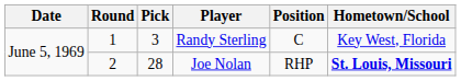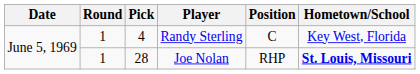 <table class="wikitable sortable">
 <tr>
 <th>Date</th>
 <th>Round</th>
 <th>Pick</th>
 <th>Player</th>
 <th>Position</th>
 <th>Hometown/School</th>
 </tr>
 <tr align="center">
 <td rowspan=2>June 5, 1969</td>
 <td>1</td>
-<td>3</td>
+<td>4</td>
 <td><a href='#'>Randy Sterling</a></td>
 <td>C</td>
 <td><a href='#'>Key West, Florida</a></td>
 </tr>
 <tr align="center">
-<td>2</td>
+<td>1</td>
 <td>28</td>
 <td><a href='#'>Joe Nolan</a></td>
 <td>RHP</td>
 <td><strong><a href='#'>St. Louis, Missouri</a></strong></td>
 </tr>
 </table>
